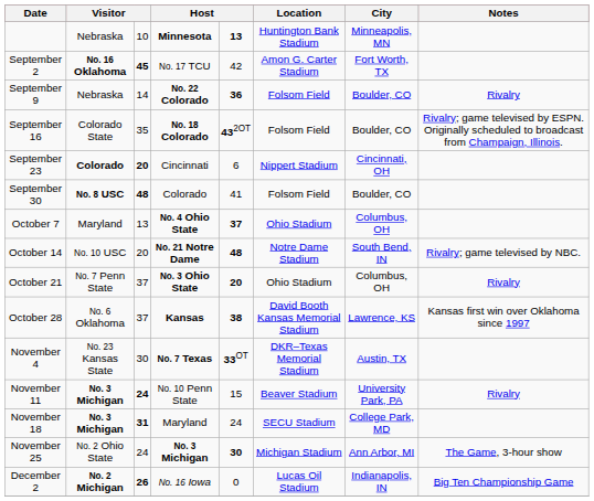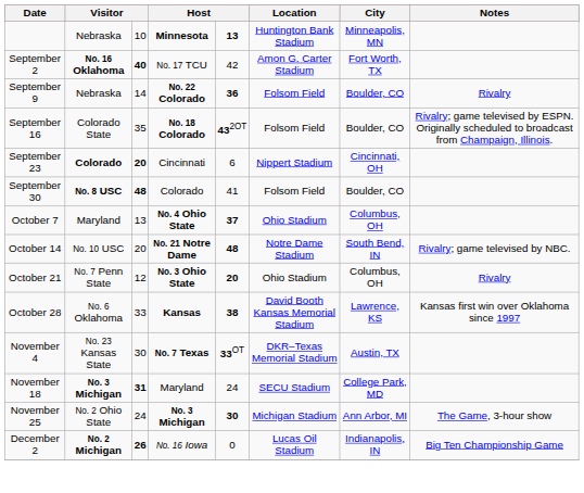 <table class="wikitable" style="text-align:center">
 <tr style="background:#A32638;"|>
 <th>Date</th>
 <th colspan=2>Visitor</th>
 <th colspan=2>Host</th>
 <th>Location</th>
 <th>City</th>
 <th>Notes</th>
 </tr>
 <tr>
 <td></td>
 <td>Nebraska</td>
 <td>10</td>
 <td><strong>Minnesota</strong></td>
 <td><strong>13</strong></td>
 <td><a href='#'>Huntington Bank Stadium</a></td>
 <td><a href='#'>Minneapolis, MN</a></td>
 <td></td>
 </tr>
 <tr>
 <td>September 2</td>
 <td><strong><small>No. 16</small> Oklahoma</strong></td>
-<td><strong>45</strong></td>
+<td><strong>40</strong></td>
 <td><small> No. 17</small> TCU</td>
 <td>42</td>
 <td><a href='#'>Amon G. Carter Stadium</a></td>
 <td><a href='#'>Fort Worth, TX</a></td>
 <td></td>
 </tr>
 <tr>
 <td>September 9</td>
 <td>Nebraska</td>
 <td>14</td>
 <td><strong><small> No. 22</small> Colorado</strong></td>
 <td><strong>36</strong></td>
 <td><a href='#'>Folsom Field</a></td>
 <td><a href='#'>Boulder, CO</a></td>
 <td><a href='#'>Rivalry</a></td>
 </tr>
 <tr>
 <td>September 16</td>
 <td>Colorado State</td>
 <td>35</td>
 <td><strong><small>No. 18</small> Colorado</strong></td>
 <td><strong>43</strong><sup>2OT</sup></td>
 <td>Folsom Field</td>
 <td>Boulder, CO</td>
 <td><a href='#'>Rivalry</a>; game televised by ESPN. Originally scheduled to broadcast from <a href='#'>Champaign, Illinois</a>.</td>
 </tr>
 <tr>
 <td>September 23</td>
 <td><strong>Colorado</strong></td>
 <td><strong>20</strong></td>
 <td>Cincinnati</td>
 <td>6</td>
 <td><a href='#'>Nippert Stadium</a></td>
 <td><a href='#'>Cincinnati, OH</a></td>
 <td></td>
 </tr>
 <tr>
 <td>September 30</td>
 <td><strong><small>No. 8</small> USC</strong></td>
 <td><strong>48</strong></td>
 <td>Colorado</td>
 <td>41</td>
 <td>Folsom Field</td>
 <td>Boulder, CO</td>
 <td></td>
 </tr>
 <tr>
 <td>October 7</td>
 <td>Maryland</td>
 <td>13</td>
 <td><strong><small>No. 4</small> Ohio State</strong></td>
 <td><strong>37</strong></td>
 <td><a href='#'>Ohio Stadium</a></td>
 <td><a href='#'>Columbus, OH</a></td>
 <td></td>
 </tr>
 <tr>
 <td>October 14</td>
 <td><small>No. 10</small> USC</td>
 <td>20</td>
 <td><strong><small>No. 21</small> Notre Dame</strong></td>
 <td><strong>48</strong></td>
 <td><a href='#'>Notre Dame Stadium</a></td>
 <td><a href='#'>South Bend, IN</a></td>
 <td><a href='#'>Rivalry</a>; game televised by NBC.</td>
 </tr>
 <tr>
 <td>October 21</td>
 <td><small>No. 7</small> Penn State</td>
-<td>37</td>
+<td>12</td>
 <td><strong><small>No. 3</small> Ohio State</strong></td>
 <td><strong>20</strong></td>
 <td>Ohio Stadium</td>
 <td>Columbus, OH</td>
 <td><a href='#'>Rivalry</a></td>
 </tr>
 <tr>
 <td>October 28</td>
 <td><small>No. 6</small> Oklahoma</td>
-<td>37</td>
+<td>33</td>
 <td><strong>Kansas</strong></td>
 <td><strong>38</strong></td>
 <td><a href='#'>David Booth Kansas Memorial Stadium</a></td>
 <td><a href='#'>Lawrence, KS</a></td>
 <td>Kansas first win over Oklahoma since <a href='#'>1997</a></td>
 </tr>
 <tr>
 <td>November 4</td>
 <td><small>No. 23</small> Kansas State</td>
 <td>30</td>
 <td><strong><small>No. 7</small> Texas</strong></td>
 <td><strong>33</strong><sup>OT</sup></td>
 <td><a href='#'>DKR–Texas Memorial Stadium</a></td>
 <td><a href='#'>Austin, TX</a></td>
 <td></td>
-</tr>
-<tr>
-<td>November 11</td>
-<td><strong><small>No. 3</small> Michigan</strong></td>
-<td><strong>24</strong></td>
-<td><small>No. 10</small> Penn State</td>
-<td>15</td>
-<td><a href='#'>Beaver Stadium</a></td>
-<td><a href='#'>University Park, PA</a></td>
-<td><a href='#'>Rivalry</a></td>
 </tr>
 <tr>
 <td>November 18</td>
 <td><strong><small>No. 3</small> Michigan</strong></td>
 <td><strong>31</strong></td>
 <td>Maryland</td>
 <td>24</td>
 <td><a href='#'>SECU Stadium</a></td>
 <td><a href='#'>College Park, MD</a></td>
 <td></td>
 </tr>
 <tr>
 <td>November 25</td>
 <td><small>No. 2</small> Ohio State</td>
 <td>24</td>
 <td><strong><small>No. 3</small> Michigan</strong></td>
 <td><strong>30</strong></td>
 <td><a href='#'>Michigan Stadium</a></td>
 <td><a href='#'>Ann Arbor, MI</a></td>
 <td><a href='#'>The Game</a>, 3-hour show</td>
 </tr>
 <tr>
 <td>December 2</td>
 <td><strong><small>No. 2</small> Michigan</strong></td>
 <td><strong>26</strong></td>
 <td><em><small>No. 16</small> Iowa</em></td>
 <td>0</td>
 <td><a href='#'>Lucas Oil Stadium</a></td>
 <td><a href='#'>Indianapolis, IN</a></td>
 <td><a href='#'>Big Ten Championship Game</a></td>
 </tr>
 <tr>
 </tr>
 </table>
